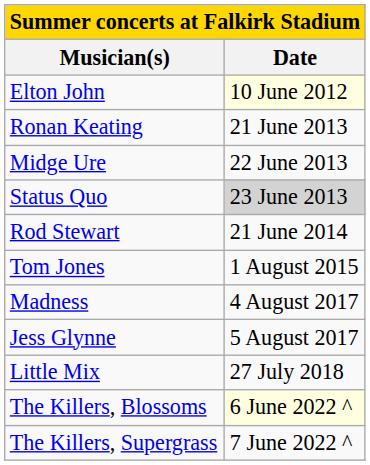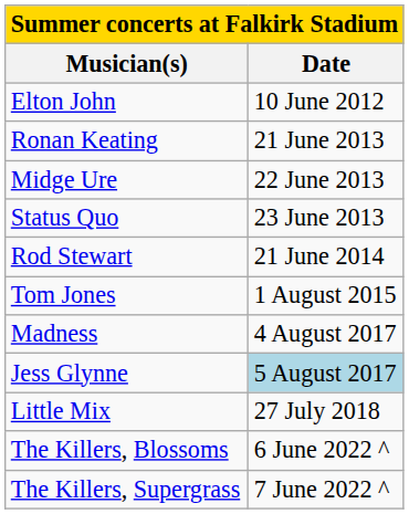 <table class="wikitable">
 <tr>
 <td align=center bgcolor=gold colspan=5><strong>Summer concerts at Falkirk Stadium</strong></td>
 </tr>
 <tr>
 <th>Musician(s)</th>
 <th>Date</th>
 </tr>
 <tr>
 <td><a href='#'>Elton John</a></td>
-<td style="background: lightyellow;">10 June 2012</td>
+<td>10 June 2012</td>
 </tr>
 <tr>
 <td><a href='#'>Ronan Keating</a></td>
 <td>21 June 2013</td>
 </tr>
 <tr>
 <td><a href='#'>Midge Ure</a></td>
 <td>22 June 2013</td>
 </tr>
 <tr>
 <td><a href='#'>Status Quo</a></td>
-<td style="background: lightgrey;">23 June 2013</td>
+<td>23 June 2013</td>
 </tr>
 <tr>
 <td><a href='#'>Rod Stewart</a></td>
 <td>21 June 2014</td>
 </tr>
 <tr>
 <td><a href='#'>Tom Jones</a></td>
 <td>1 August 2015</td>
 </tr>
 <tr>
 <td><a href='#'>Madness</a></td>
 <td>4 August 2017</td>
 </tr>
 <tr>
 <td><a href='#'>Jess Glynne</a></td>
-<td>5 August 2017</td>
+<td style="background: lightblue;">5 August 2017</td>
 </tr>
 <tr>
 <td><a href='#'>Little Mix</a></td>
 <td>27 July 2018</td>
 </tr>
 <tr>
 <td><a href='#'>The Killers</a>, <a href='#'>Blossoms</a></td>
-<td style="background: lightyellow;">6 June 2022 ^</td>
+<td>6 June 2022 ^</td>
 </tr>
 <tr>
 <td><a href='#'>The Killers</a>, <a href='#'>Supergrass</a></td>
 <td>7 June 2022 ^</td>
 </tr>
 </table>
